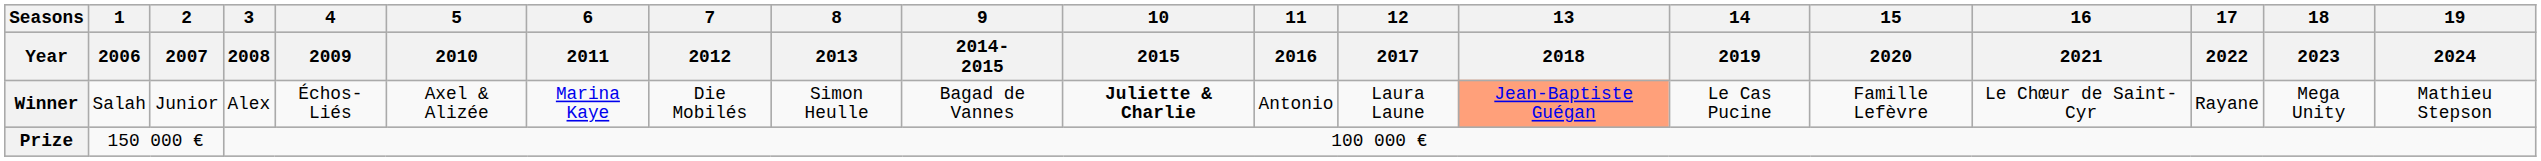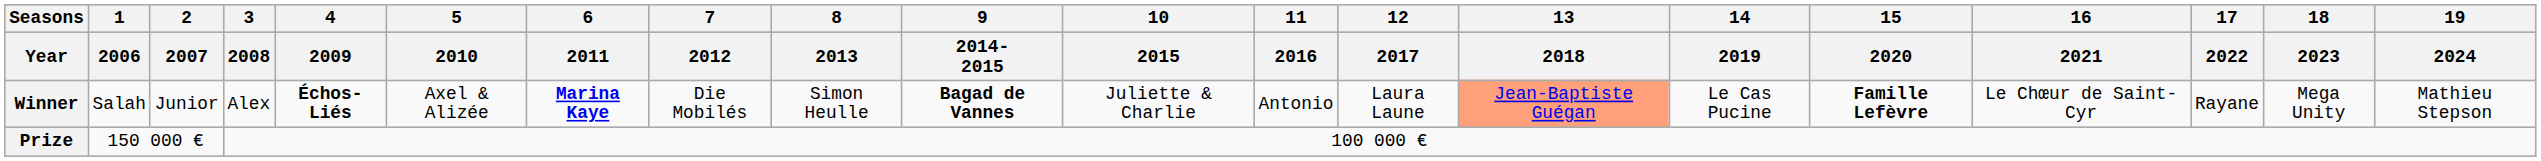 <table class="wikitable" style="text-align:center; font-size:85%">
 <tr>
 <th>Seasons</th>
 <th>1</th>
 <th>2</th>
 <th>3</th>
 <th>4</th>
 <th>5</th>
 <th>6</th>
 <th>7</th>
 <th>8</th>
 <th>9</th>
 <th>10</th>
 <th>11</th>
 <th>12</th>
 <th>13</th>
 <th>14</th>
 <th>15</th>
 <th>16</th>
 <th>17</th>
 <th>18</th>
 <th>19</th>
 </tr>
 <tr>
 <th>Year</th>
 <th>2006</th>
 <th>2007</th>
 <th>2008</th>
 <th>2009</th>
 <th>2010</th>
 <th>2011</th>
 <th>2012</th>
 <th>2013</th>
 <th>2014-<br>2015</th>
 <th>2015</th>
 <th>2016</th>
 <th>2017</th>
 <th>2018</th>
 <th>2019</th>
 <th>2020</th>
 <th>2021</th>
 <th>2022</th>
 <th>2023</th>
 <th>2024</th>
 </tr>
 <tr>
 <th>Winner</th>
 <td align="center" colspan="1">Salah</td>
 <td align="center" colspan="1">Junior</td>
 <td align="center" colspan="1">Alex</td>
-<td align="center" colspan="1">Échos-Liés</td>
+<td align="center" colspan="1"><strong>Échos-Liés</strong></td>
 <td align="center" colspan="1">Axel & Alizée</td>
-<td colspan="1" align="center"><a href='#'>Marina Kaye</a></td>
+<td colspan="1" align="center"><strong><a href='#'>Marina Kaye</a></strong></td>
 <td align="center" colspan="1">Die Mobilés</td>
 <td colspan="1" align="center">Simon Heulle</td>
-<td colspan="1" align="center">Bagad de Vannes</td>
-<td colspan="1" align="center"><strong>Juliette & Charlie</strong></td>
+<td colspan="1" align="center"><strong>Bagad de Vannes</strong></td>
+<td colspan="1" align="center">Juliette & Charlie</td>
 <td colspan="1" align="center">Antonio</td>
 <td colspan="1" align="center">Laura Laune</td>
 <td colspan="1" align="center" style="background: lightsalmon;"><a href='#'>Jean-Baptiste Guégan</a></td>
 <td colspan="1" align="center">Le Cas Pucine</td>
-<td colspan="1" align="center">Famille Lefèvre</td>
+<td colspan="1" align="center"><strong>Famille Lefèvre</strong></td>
 <td colspan="1" align="center">Le Chœur de Saint-Cyr</td>
 <td colspan="1" align="center">Rayane</td>
 <td colspan="1" align="center">Mega Unity</td>
 <td colspan="1" align="center">Mathieu Stepson</td>
 </tr>
 <tr>
 <th>Prize</th>
 <td align="center" colspan="2">150 000 €</td>
 <td colspan="17" align="center">100 000 €</td>
 </tr>
 </table>
